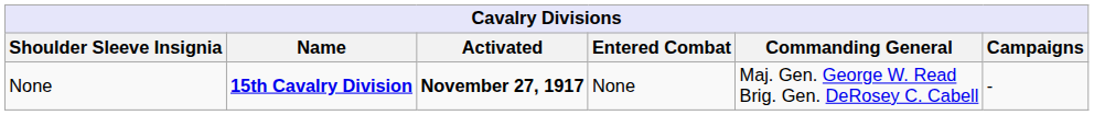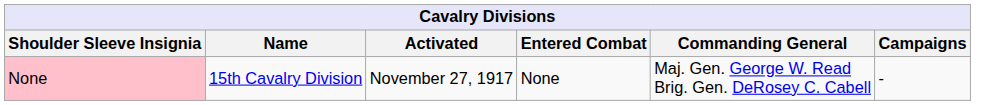 <table class="wikitable">
 <tr>
 <th style="align: center; background: lavender;" colspan="9">Cavalry Divisions</th>
 </tr>
 <tr>
 <th style="text-align: center; ">Shoulder Sleeve Insignia</th>
 <th style="text-align: center; ">Name</th>
 <th style="text-align: center; ">Activated</th>
 <th style="text-align: center; ">Entered Combat</th>
 <th style="text-align: center; ">Commanding General</th>
 <th style="text-align: center; ">Campaigns</th>
 </tr>
 <tr>
-<td>None</td>
-<td><strong><a href='#'>15th Cavalry Division</a></strong></td>
-<td><strong>November 27, 1917</strong></td>
+<td style="background: pink;">None</td>
+<td><a href='#'>15th Cavalry Division</a></td>
+<td>November 27, 1917</td>
 <td>None</td>
 <td>Maj. Gen. <a href='#'>George W. Read</a><br>Brig. Gen. <a href='#'>DeRosey C. Cabell</a></td>
 <td>-</td>
 </tr>
 </table>
